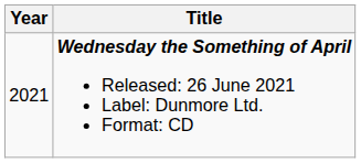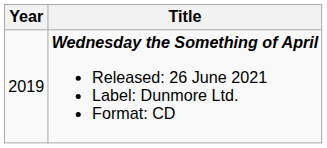 <table class="wikitable" style=text-align:center;>
 <tr>
 <th scope="col">Year</th>
 <th scope="col">Title</th>
 </tr>
 <tr>
-<td style="text-align:center;">2021</td>
+<td style="text-align:center;">2019</td>
 <td align=left><strong><em>Wednesday the Something of April</em></strong><br><ul><li>Released: 26 June 2021</li><li>Label: Dunmore Ltd.</li><li>Format: CD</li></ul></td>
 </tr>
 </table>
